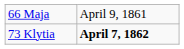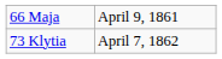 <table class="wikitable" align="right" style="margin: 1em; margin-top: 0; width: 14em;">
 <tr>
 <td><a href='#'>66 Maja</a></td>
 <td>April 9, 1861</td>
 </tr>
 <tr>
 <td><a href='#'>73 Klytia</a></td>
-<td><strong>April 7, 1862</strong></td>
+<td>April 7, 1862</td>
 </tr>
 </table>
